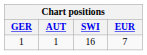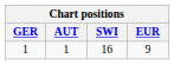 <table class="wikitable">
 <tr>
 <th colspan="4"><strong>Chart positions</strong></th>
 </tr>
 <tr>
 <th style="width:50px;"><a href='#'>GER</a></th>
 <th style="width:50px;"><a href='#'>AUT</a></th>
 <th style="width:50px;"><a href='#'>SWI</a></th>
 <th style="width:50px;"><a href='#'>EUR</a></th>
 </tr>
 <tr style="text-align:center;">
 <td>1</td>
 <td>1</td>
 <td>16</td>
-<td>7</td>
+<td>9</td>
 </tr>
 </table>
